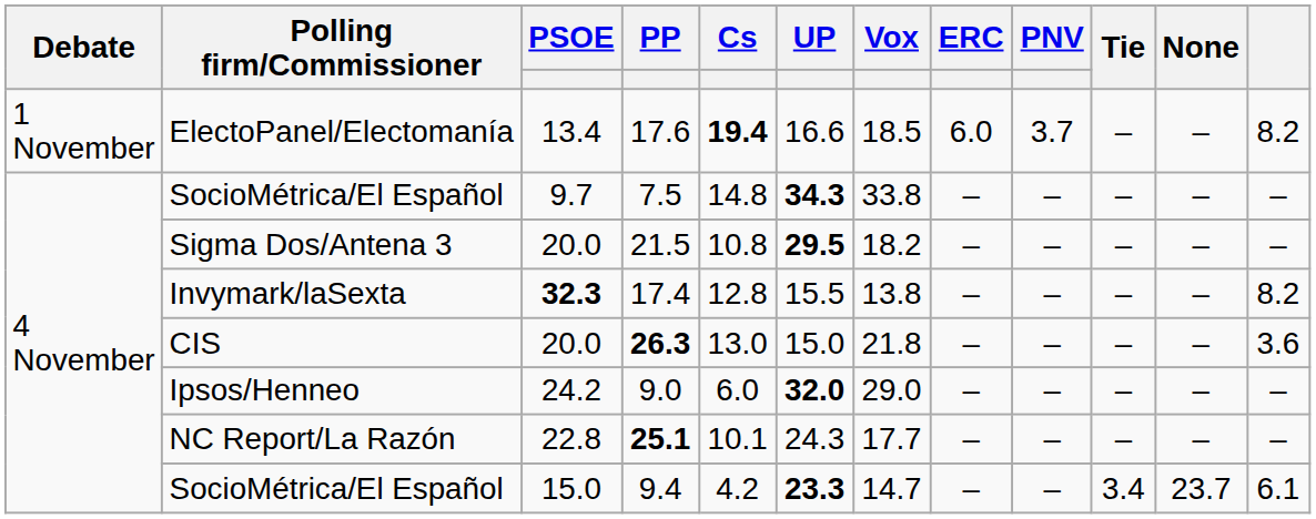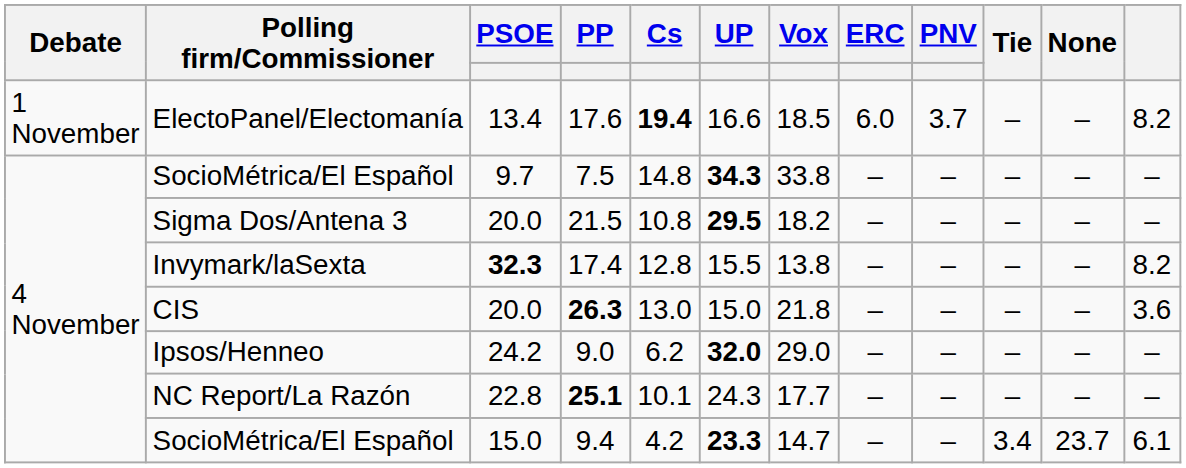 <table class="wikitable" style="font-size:90%; text-align:center;">
 <tr>
 <th rowspan="2">Debate</th>
 <th rowspan="2">Polling firm/Commissioner</th>
 <th style="width:45px;"><a href='#'>PSOE</a></th>
 <th style="width:45px;"><a href='#'>PP</a></th>
 <th style="width:45px;"><a href='#'>Cs</a></th>
 <th style="width:45px;"><a href='#'>UP</a></th>
 <th style="width:45px;"><a href='#'>Vox</a></th>
 <th style="width:45px;"><a href='#'>ERC</a></th>
 <th style="width:45px;"><a href='#'>PNV</a></th>
 <th style="width:45px;" rowspan="2">Tie</th>
 <th style="width:45px;" rowspan="2">None</th>
 <th style="width:45px;" rowspan="2"></th>
 </tr>
 <tr>
 <th style="color:inherit;background:"></th>
 <th style="color:inherit;background:"></th>
 <th style="color:inherit;background:"></th>
 <th style="color:inherit;background:"></th>
 <th style="color:inherit;background:"></th>
 <th style="color:inherit;background:"></th>
 <th style="color:inherit;background:"></th>
 </tr>
 <tr>
 <td align="left">1 November</td>
 <td align="left">ElectoPanel/Electomanía</td>
 <td>13.4</td>
 <td>17.6</td>
 <td><strong>19.4</strong></td>
 <td>16.6</td>
 <td>18.5</td>
 <td>6.0</td>
 <td>3.7</td>
 <td>–</td>
 <td>–</td>
 <td>8.2</td>
 </tr>
 <tr>
 <td rowspan="7" align="left">4 November</td>
 <td align="left">SocioMétrica/El Español</td>
 <td>9.7</td>
 <td>7.5</td>
 <td>14.8</td>
 <td><strong>34.3</strong></td>
 <td>33.8</td>
 <td>–</td>
 <td>–</td>
 <td>–</td>
 <td>–</td>
 <td>–</td>
 </tr>
 <tr>
 <td align="left">Sigma Dos/Antena 3</td>
 <td>20.0</td>
 <td>21.5</td>
 <td>10.8</td>
 <td><strong>29.5</strong></td>
 <td>18.2</td>
 <td>–</td>
 <td>–</td>
 <td>–</td>
 <td>–</td>
 <td>–</td>
 </tr>
 <tr>
 <td align="left">Invymark/laSexta</td>
 <td><strong>32.3</strong></td>
 <td>17.4</td>
 <td>12.8</td>
 <td>15.5</td>
 <td>13.8</td>
 <td>–</td>
 <td>–</td>
 <td>–</td>
 <td>–</td>
 <td>8.2</td>
 </tr>
 <tr>
 <td align="left">CIS</td>
 <td>20.0</td>
 <td><strong>26.3</strong></td>
 <td>13.0</td>
 <td>15.0</td>
 <td>21.8</td>
 <td>–</td>
 <td>–</td>
 <td>–</td>
 <td>–</td>
 <td>3.6</td>
 </tr>
 <tr>
 <td align="left">Ipsos/Henneo</td>
 <td>24.2</td>
 <td>9.0</td>
-<td>6.0</td>
+<td>6.2</td>
 <td><strong>32.0</strong></td>
 <td>29.0</td>
 <td>–</td>
 <td>–</td>
 <td>–</td>
 <td>–</td>
 <td>–</td>
 </tr>
 <tr>
 <td align="left">NC Report/La Razón</td>
 <td>22.8</td>
 <td><strong>25.1</strong></td>
 <td>10.1</td>
 <td>24.3</td>
 <td>17.7</td>
 <td>–</td>
 <td>–</td>
 <td>–</td>
 <td>–</td>
 <td>–</td>
 </tr>
 <tr>
 <td align="left">SocioMétrica/El Español</td>
 <td>15.0</td>
 <td>9.4</td>
 <td>4.2</td>
 <td><strong>23.3</strong></td>
 <td>14.7</td>
 <td>–</td>
 <td>–</td>
 <td>3.4</td>
 <td>23.7</td>
 <td>6.1</td>
 </tr>
 </table>
